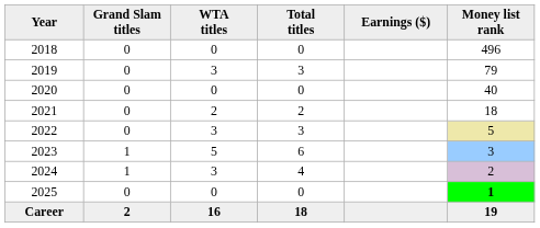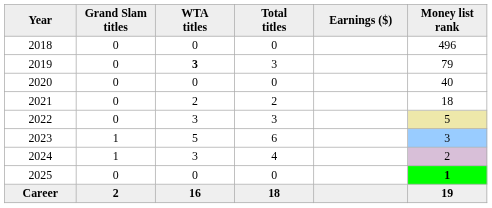 <table cellpadding=3 cellspacing=0 border=1 style=border:#aaa;solid:1px;border-collapse:collapse;text-align:center;>
 <tr style=background:#eee;font-weight:bold>
 <td width="90">Year</td>
 <td width="100">Grand Slam <br>titles</td>
 <td width="100">WTA <br>titles</td>
 <td width="100">Total <br>titles</td>
 <td width="120">Earnings ($)</td>
 <td width="100">Money list rank</td>
 </tr>
 <tr>
 <td>2018</td>
 <td>0</td>
 <td>0</td>
 <td>0</td>
 <td style="text-align:right"></td>
 <td>496</td>
 </tr>
 <tr>
 <td>2019</td>
 <td>0</td>
-<td>3</td>
+<td><strong>3</strong></td>
 <td>3</td>
 <td style="text-align:right"></td>
 <td>79</td>
 </tr>
 <tr>
 <td>2020</td>
 <td>0</td>
 <td>0</td>
 <td>0</td>
 <td style="text-align:right"></td>
 <td>40</td>
 </tr>
 <tr>
 <td>2021</td>
 <td>0</td>
 <td>2</td>
 <td>2</td>
 <td style="text-align:right"></td>
 <td>18</td>
 </tr>
 <tr>
 <td>2022</td>
 <td>0</td>
 <td>3</td>
 <td>3</td>
 <td style="text-align:right"></td>
 <td bgcolor=eee8aa>5</td>
 </tr>
 <tr>
 <td>2023</td>
 <td>1</td>
 <td>5</td>
 <td>6</td>
 <td style="text-align:right"></td>
 <td bgcolor=99ccff>3</td>
 </tr>
 <tr>
 <td>2024</td>
 <td>1</td>
 <td>3</td>
 <td>4</td>
 <td style="text-align:right"></td>
 <td bgcolor=thistle>2</td>
 </tr>
 <tr>
 <td>2025</td>
 <td>0</td>
 <td>0</td>
 <td>0</td>
 <td style="text-align:right"></td>
 <td bgcolor=lime><strong>1</strong></td>
 </tr>
 <tr style=background:#efefef;font-weight:bold>
 <td>Career</td>
 <td>2</td>
 <td>16</td>
 <td>18</td>
 <td style="text-align:right"></td>
 <td>19</td>
 </tr>
 </table>
